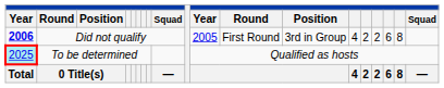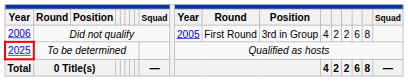 <table class="wikitable" style="text-align: center; font-size:95%;">
 <tr>
 <th colspan=9 style="background:#0038A8; color: #FFFFFF;"><a href='#'></a></th>
 <th rowspan=5></th>
 <th colspan=9 style="background:#0038A8; color:#FFFFFF"><a href='#'></a></th>
 </tr>
 <tr>
 <th>Year</th>
 <th>Round</th>
 <th>Position</th>
 <th></th>
 <th></th>
 <th></th>
 <th></th>
 <th></th>
 <th><small>Squad</small></th>
 <th>Year</th>
 <th>Round</th>
 <th>Position</th>
 <th></th>
 <th></th>
 <th></th>
 <th></th>
 <th></th>
 <th><small>Squad</small></th>
 </tr>
 <tr>
-<td><strong> <a href='#'>2006</a></strong></td>
+<td> <a href='#'>2006</a></td>
 <td colspan=8 rowspan=1 align=center><em>Did not qualify</em></td>
 <td> <a href='#'>2005</a></td>
 <td>First Round</td>
 <td>3rd in Group</td>
 <td>4</td>
 <td>2</td>
 <td>2</td>
 <td>6</td>
 <td>8</td>
 <td></td>
 </tr>
 <tr>
-<td style="background: paleturquoise; border: 3px solid red"> <a href='#'>2025</a></td>
+<td style="border: 3px solid red"> <a href='#'>2025</a></td>
 <td colspan=7><em>To be determined</em></td>
 <td></td>
 <td colspan="9"><em>Qualified as hosts</em></td>
 </tr>
 <tr>
 <th>Total</th>
 <th colspan=2>0 Title(s)</th>
 <th></th>
 <th></th>
 <th></th>
 <th></th>
 <th></th>
 <th>—</th>
 <th colspan="3"></th>
 <th>4</th>
 <th>2</th>
 <th>2</th>
 <th>6</th>
 <th>8</th>
 <th>—</th>
 </tr>
 </table>
